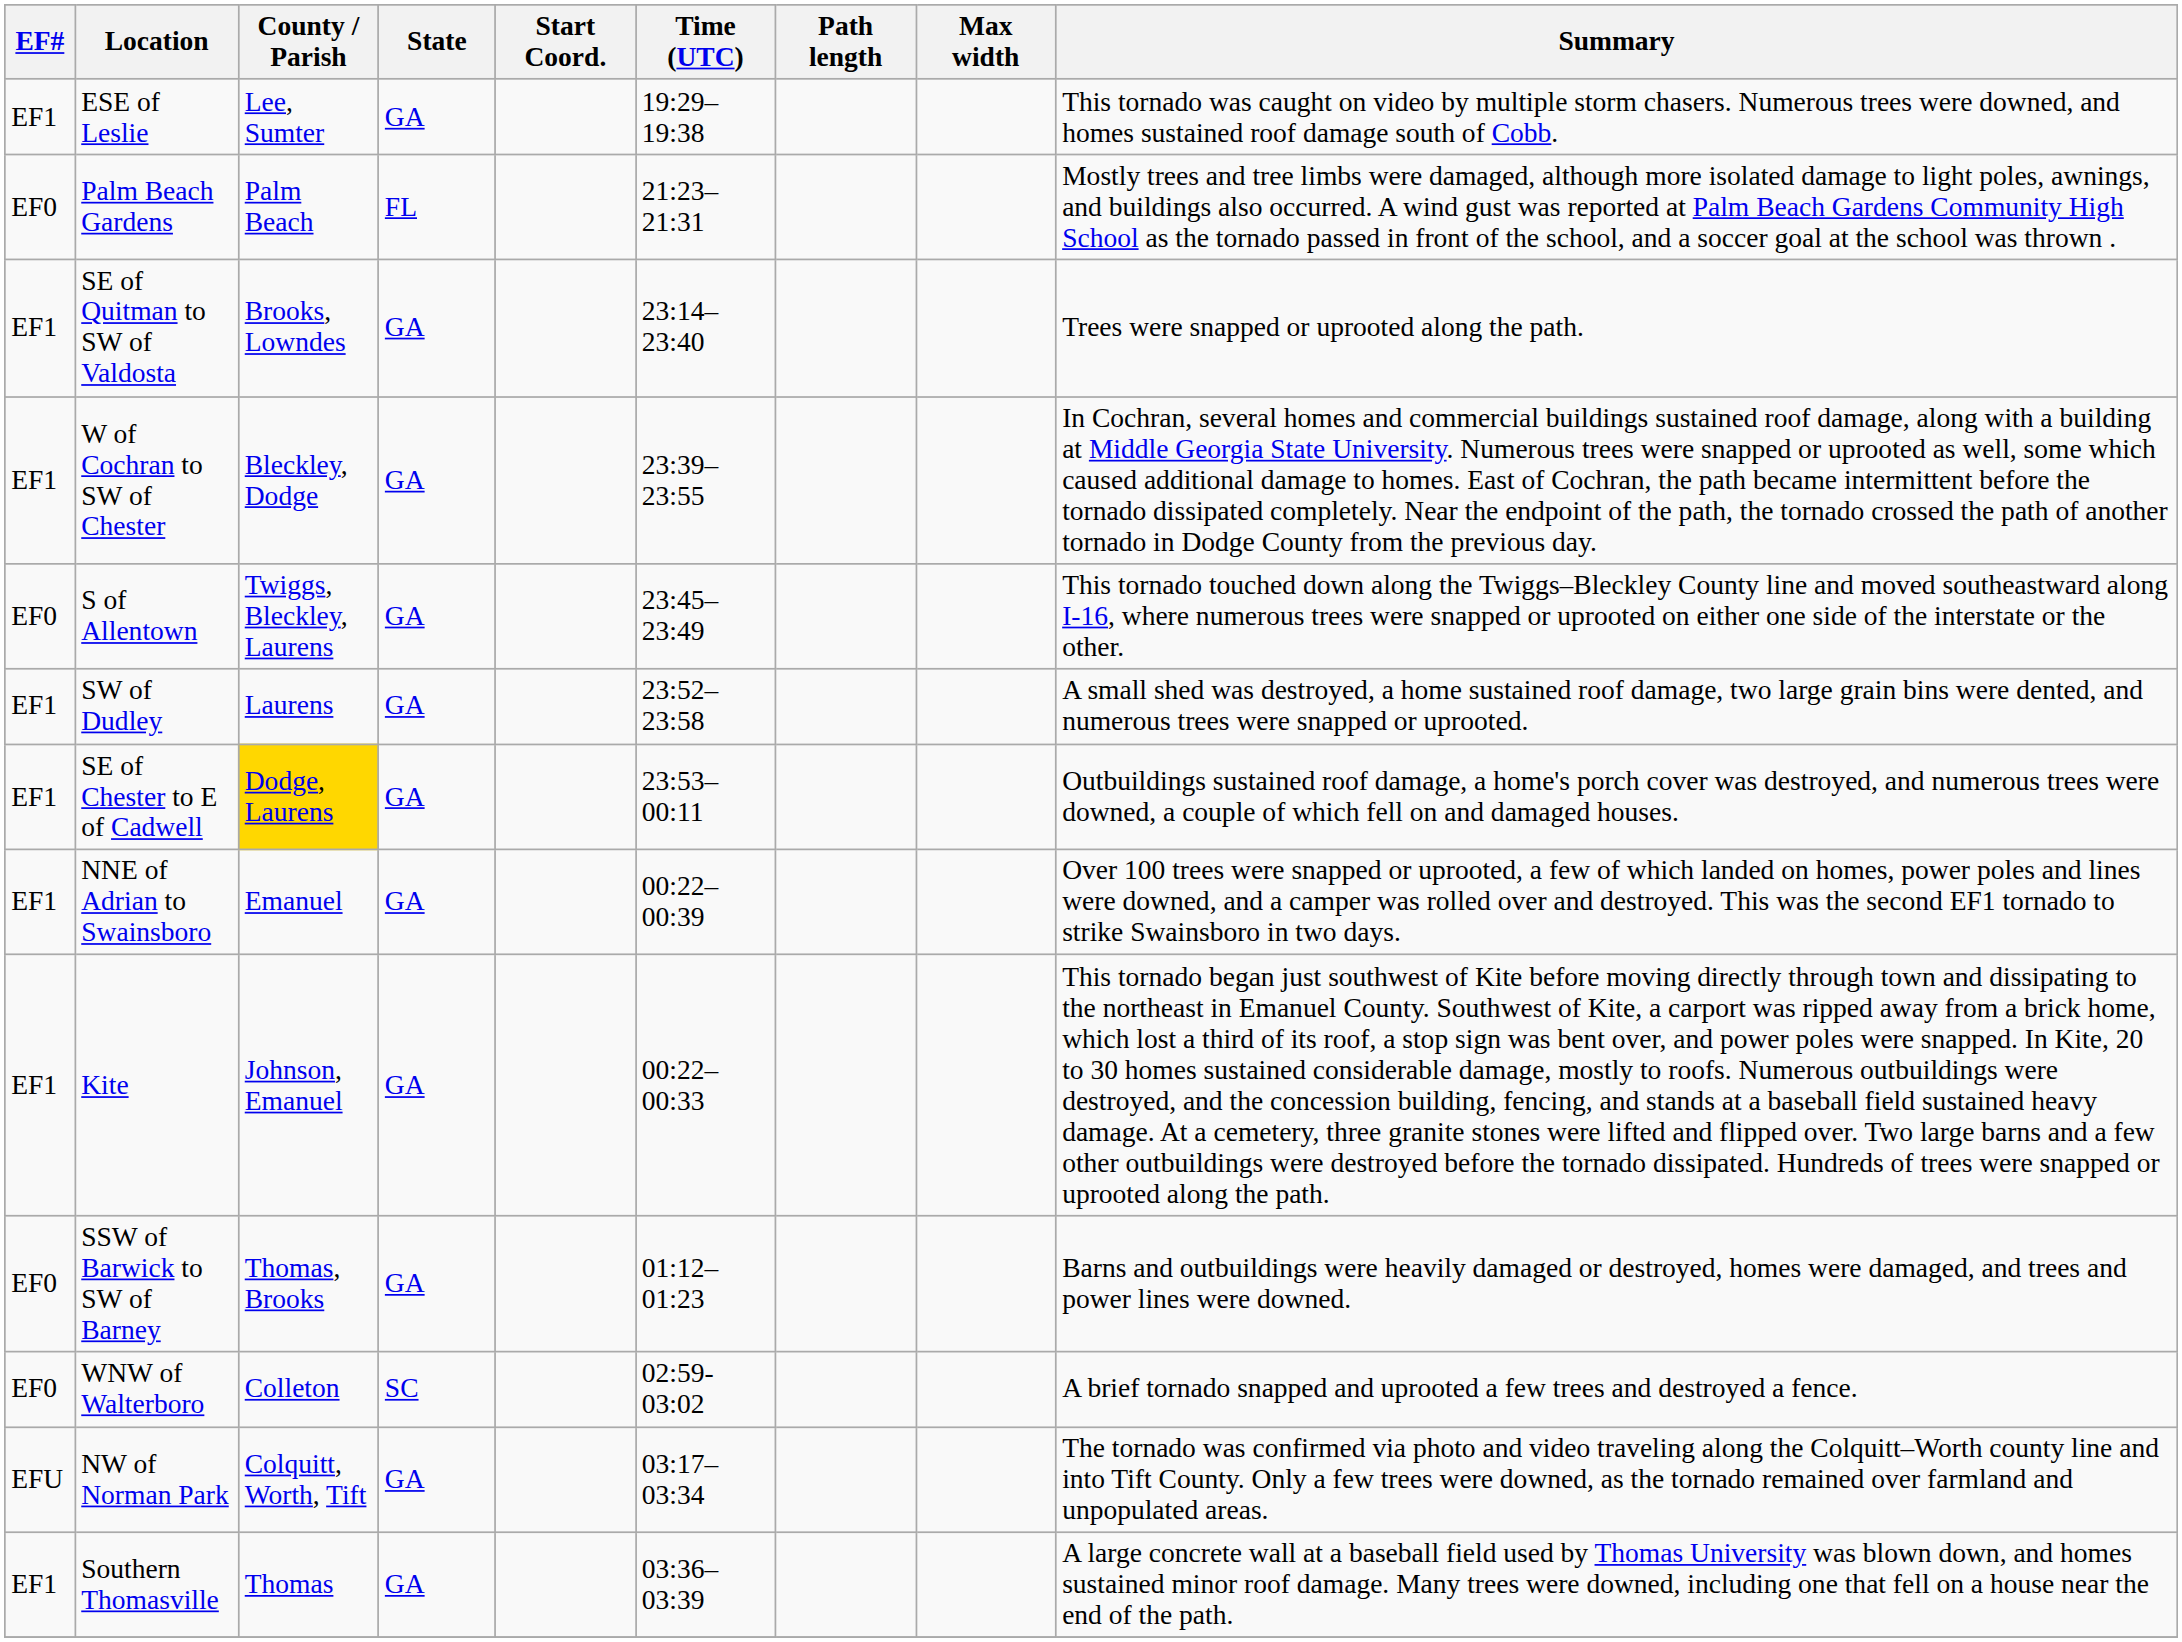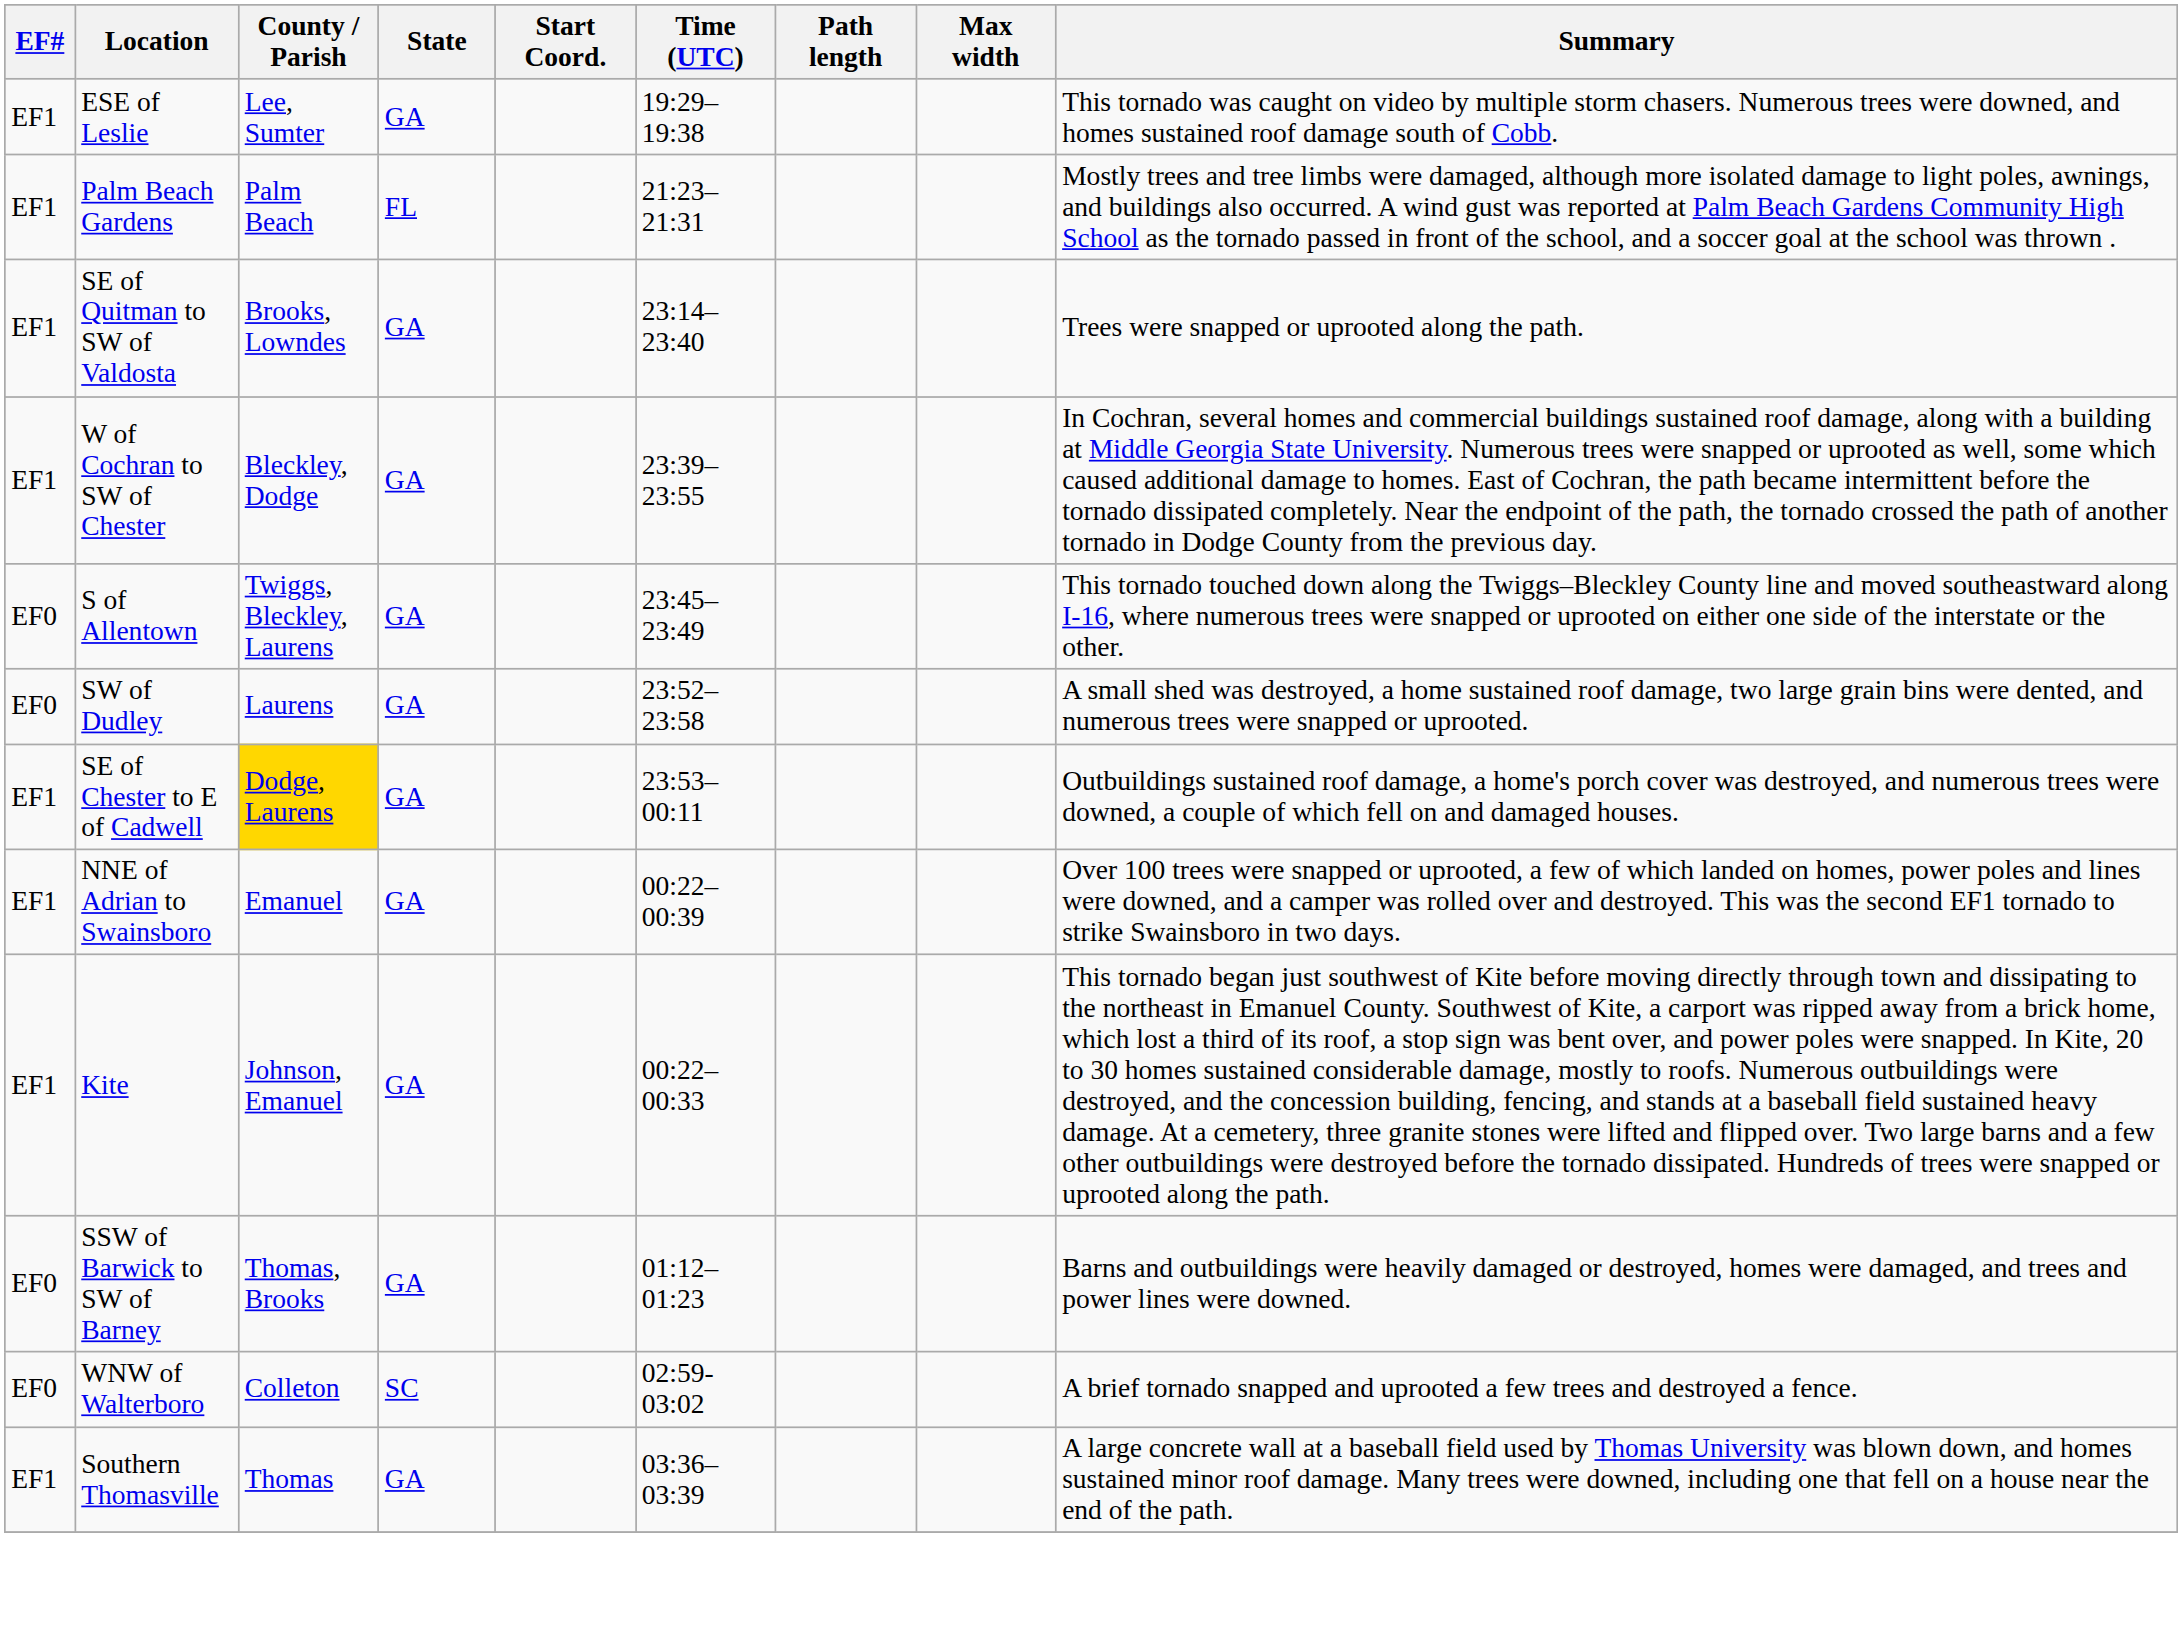 <table class="wikitable sortable" style="width:100%;">
 <tr>
 <th scope="col"  style="width:3%; text-align:center;"><a href='#'>EF#</a></th>
 <th scope="col"  style="width:7%; text-align:center;" class="unsortable">Location</th>
 <th scope="col"  style="width:6%; text-align:center;" class="unsortable">County / Parish</th>
 <th scope="col"  style="width:5%; text-align:center;">State</th>
 <th scope="col"  style="width:6%; text-align:center;">Start Coord.</th>
 <th scope="col"  style="width:6%; text-align:center;">Time (<a href='#'>UTC</a>)</th>
 <th scope="col"  style="width:6%; text-align:center;">Path length</th>
 <th scope="col"  style="width:6%; text-align:center;">Max width</th>
 <th scope="col" class="unsortable" style="width:48%; text-align:center;">Summary</th>
 </tr>
 <tr>
 <td>EF1</td>
 <td>ESE of <a href='#'>Leslie</a></td>
 <td><a href='#'>Lee</a>, <a href='#'>Sumter</a></td>
 <td><a href='#'>GA</a></td>
 <td></td>
 <td>19:29–19:38</td>
 <td></td>
 <td></td>
 <td>This tornado was caught on video by multiple storm chasers. Numerous trees were downed, and homes sustained roof damage south of <a href='#'>Cobb</a>.</td>
 </tr>
 <tr>
-<td>EF0</td>
+<td>EF1</td>
 <td><a href='#'>Palm Beach Gardens</a></td>
 <td><a href='#'>Palm Beach</a></td>
 <td><a href='#'>FL</a></td>
 <td></td>
 <td>21:23–21:31</td>
 <td></td>
 <td></td>
 <td>Mostly trees and tree limbs were damaged, although more isolated damage to light poles, awnings, and buildings also occurred. A  wind gust was reported at <a href='#'>Palm Beach Gardens Community High School</a> as the tornado passed in front of the school, and a soccer goal at the school was thrown .</td>
 </tr>
 <tr>
 <td>EF1</td>
 <td>SE of <a href='#'>Quitman</a> to SW of <a href='#'>Valdosta</a></td>
 <td><a href='#'>Brooks</a>, <a href='#'>Lowndes</a></td>
 <td><a href='#'>GA</a></td>
 <td></td>
 <td>23:14–23:40</td>
 <td></td>
 <td></td>
 <td>Trees were snapped or uprooted along the path.</td>
 </tr>
 <tr>
 <td>EF1</td>
 <td>W of <a href='#'>Cochran</a> to SW of <a href='#'>Chester</a></td>
 <td><a href='#'>Bleckley</a>, <a href='#'>Dodge</a></td>
 <td><a href='#'>GA</a></td>
 <td></td>
 <td>23:39–23:55</td>
 <td></td>
 <td></td>
 <td>In Cochran, several homes and commercial buildings sustained roof damage, along with a building at <a href='#'>Middle Georgia State University</a>. Numerous trees were snapped or uprooted as well, some which caused additional damage to homes. East of Cochran, the path became intermittent before the tornado dissipated completely. Near the endpoint of the path, the tornado crossed the path of another tornado in Dodge County from the previous day.</td>
 </tr>
 <tr>
 <td>EF0</td>
 <td>S of <a href='#'>Allentown</a></td>
 <td><a href='#'>Twiggs</a>, <a href='#'>Bleckley</a>, <a href='#'>Laurens</a></td>
 <td><a href='#'>GA</a></td>
 <td></td>
 <td>23:45–23:49</td>
 <td></td>
 <td></td>
 <td>This tornado touched down along the Twiggs–Bleckley County line and moved southeastward along <a href='#'>I-16</a>, where numerous trees were snapped or uprooted on either one side of the interstate or the other.</td>
 </tr>
 <tr>
-<td>EF1</td>
+<td>EF0</td>
 <td>SW of <a href='#'>Dudley</a></td>
 <td><a href='#'>Laurens</a></td>
 <td><a href='#'>GA</a></td>
 <td></td>
 <td>23:52–23:58</td>
 <td></td>
 <td></td>
 <td>A small shed was destroyed, a home sustained roof damage, two large grain bins were dented, and numerous trees were snapped or uprooted.</td>
 </tr>
 <tr>
 <td>EF1</td>
 <td>SE of <a href='#'>Chester</a> to E of <a href='#'>Cadwell</a></td>
 <td style="background: gold;"><a href='#'>Dodge</a>, <a href='#'>Laurens</a></td>
 <td><a href='#'>GA</a></td>
 <td></td>
 <td>23:53–00:11</td>
 <td></td>
 <td></td>
 <td>Outbuildings sustained roof damage, a home's porch cover was destroyed, and numerous trees were downed, a couple of which fell on and damaged houses.</td>
 </tr>
 <tr>
 <td>EF1</td>
 <td>NNE of <a href='#'>Adrian</a> to <a href='#'>Swainsboro</a></td>
 <td><a href='#'>Emanuel</a></td>
 <td><a href='#'>GA</a></td>
 <td></td>
 <td>00:22–00:39</td>
 <td></td>
 <td></td>
 <td>Over 100 trees were snapped or uprooted, a few of which landed on homes, power poles and lines were downed, and a  camper was rolled over and destroyed. This was the second EF1 tornado to strike Swainsboro in two days.</td>
 </tr>
 <tr>
 <td>EF1</td>
 <td><a href='#'>Kite</a></td>
 <td><a href='#'>Johnson</a>, <a href='#'>Emanuel</a></td>
 <td><a href='#'>GA</a></td>
 <td></td>
 <td>00:22–00:33</td>
 <td></td>
 <td></td>
 <td>This tornado began just southwest of Kite before moving directly through town and dissipating to the northeast in Emanuel County. Southwest of Kite, a carport was ripped away from a brick home, which lost a third of its roof, a stop sign was bent over, and power poles were snapped. In Kite, 20 to 30 homes sustained considerable damage, mostly to roofs. Numerous outbuildings were destroyed, and the concession building, fencing, and stands at a baseball field sustained heavy damage. At a cemetery, three  granite stones were lifted and flipped over. Two large barns and a few other outbuildings were destroyed before the tornado dissipated. Hundreds of trees were snapped or uprooted along the path.</td>
 </tr>
 <tr>
 <td>EF0</td>
 <td>SSW of <a href='#'>Barwick</a> to SW of <a href='#'>Barney</a></td>
 <td><a href='#'>Thomas</a>, <a href='#'>Brooks</a></td>
 <td><a href='#'>GA</a></td>
 <td></td>
 <td>01:12–01:23</td>
 <td></td>
 <td></td>
 <td>Barns and outbuildings were heavily damaged or destroyed, homes were damaged, and trees and power lines were downed.</td>
 </tr>
 <tr>
 <td>EF0</td>
 <td>WNW of <a href='#'>Walterboro</a></td>
 <td><a href='#'>Colleton</a></td>
 <td><a href='#'>SC</a></td>
 <td></td>
 <td>02:59-03:02</td>
 <td></td>
 <td></td>
 <td>A brief tornado snapped and uprooted a few trees and destroyed a fence.</td>
 </tr>
 <tr>
-<td>EFU</td>
-<td>NW of <a href='#'>Norman Park</a></td>
-<td><a href='#'>Colquitt</a>, <a href='#'>Worth</a>, <a href='#'>Tift</a></td>
-<td><a href='#'>GA</a></td>
-<td></td>
-<td>03:17–03:34</td>
-<td></td>
-<td></td>
-<td>The tornado was confirmed via photo and video traveling along the Colquitt–Worth county line and into Tift County. Only a few trees were downed, as the tornado remained over farmland and unpopulated areas.</td>
-</tr>
-<tr>
 <td>EF1</td>
 <td>Southern <a href='#'>Thomasville</a></td>
 <td><a href='#'>Thomas</a></td>
 <td><a href='#'>GA</a></td>
 <td></td>
 <td>03:36–03:39</td>
 <td></td>
 <td></td>
 <td>A large concrete wall at a baseball field used by <a href='#'>Thomas University</a> was blown down, and homes sustained minor roof damage. Many trees were downed, including one that fell on a house near the end of the path.</td>
 </tr>
 <tr>
 </tr>
 </table>
